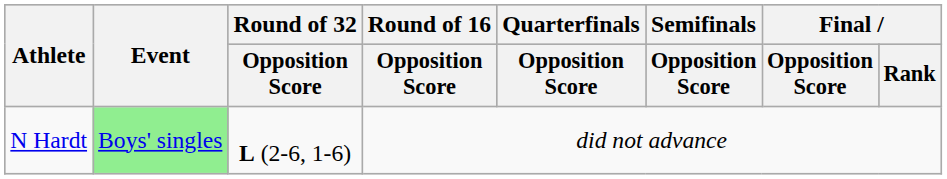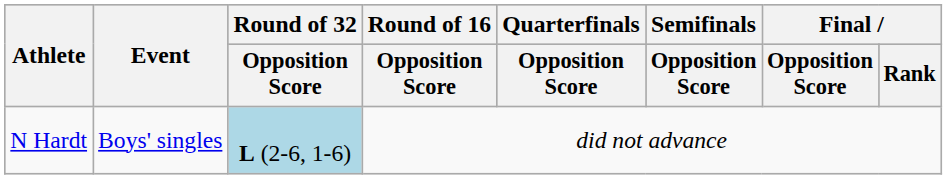 <table class=wikitable style="font-size:90%">
 <tr>
 <th rowspan=2>Athlete</th>
 <th rowspan=2>Event</th>
 <th>Round of 32</th>
 <th>Round of 16</th>
 <th>Quarterfinals</th>
 <th>Semifinals</th>
 <th colspan=2>Final / </th>
 </tr>
 <tr style="font-size:95%">
 <th>Opposition<br>Score</th>
 <th>Opposition<br>Score</th>
 <th>Opposition<br>Score</th>
 <th>Opposition<br>Score</th>
 <th>Opposition<br>Score</th>
 <th>Rank</th>
 </tr>
 <tr align=center>
 <td align=left><a href='#'>N Hardt</a></td>
-<td align=left style="background: lightgreen;"><a href='#'>Boys' singles</a></td>
-<td><br> <strong>L</strong> (2-6, 1-6)</td>
+<td align=left><a href='#'>Boys' singles</a></td>
+<td style="background: lightblue;"><br> <strong>L</strong> (2-6, 1-6)</td>
 <td colspan=5><em>did not advance</em></td>
 </tr>
 </table>
